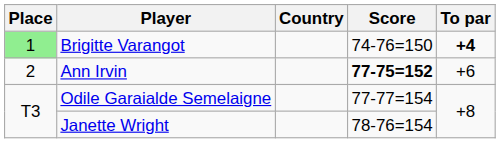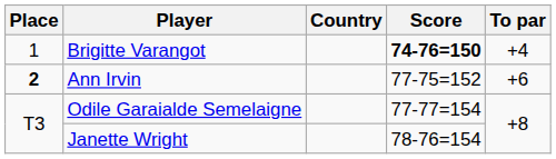 <table class="wikitable" style="font-size:95%;">
 <tr>
 <th>Place</th>
 <th>Player</th>
 <th>Country</th>
 <th>Score</th>
 <th>To par</th>
 </tr>
 <tr>
-<td align=center style="background: lightgreen;">1</td>
+<td align=center>1</td>
 <td><a href='#'>Brigitte Varangot</a></td>
 <td></td>
-<td>74-76=150</td>
-<td align=center><strong>+4</strong></td>
+<td><strong>74-76=150</strong></td>
+<td align=center>+4</td>
 </tr>
 <tr>
-<td align=center>2</td>
+<td align=center><strong>2</strong></td>
 <td><a href='#'>Ann Irvin</a></td>
 <td></td>
-<td><strong>77-75=152</strong></td>
+<td>77-75=152</td>
 <td align=center>+6</td>
 </tr>
 <tr>
 <td rowspan="2" align=center>T3</td>
 <td><a href='#'>Odile Garaialde Semelaigne</a></td>
 <td></td>
 <td>77-77=154</td>
 <td rowspan="2" align=center>+8</td>
 </tr>
 <tr>
 <td><a href='#'>Janette Wright</a></td>
 <td></td>
 <td>78-76=154</td>
 </tr>
 </table>
